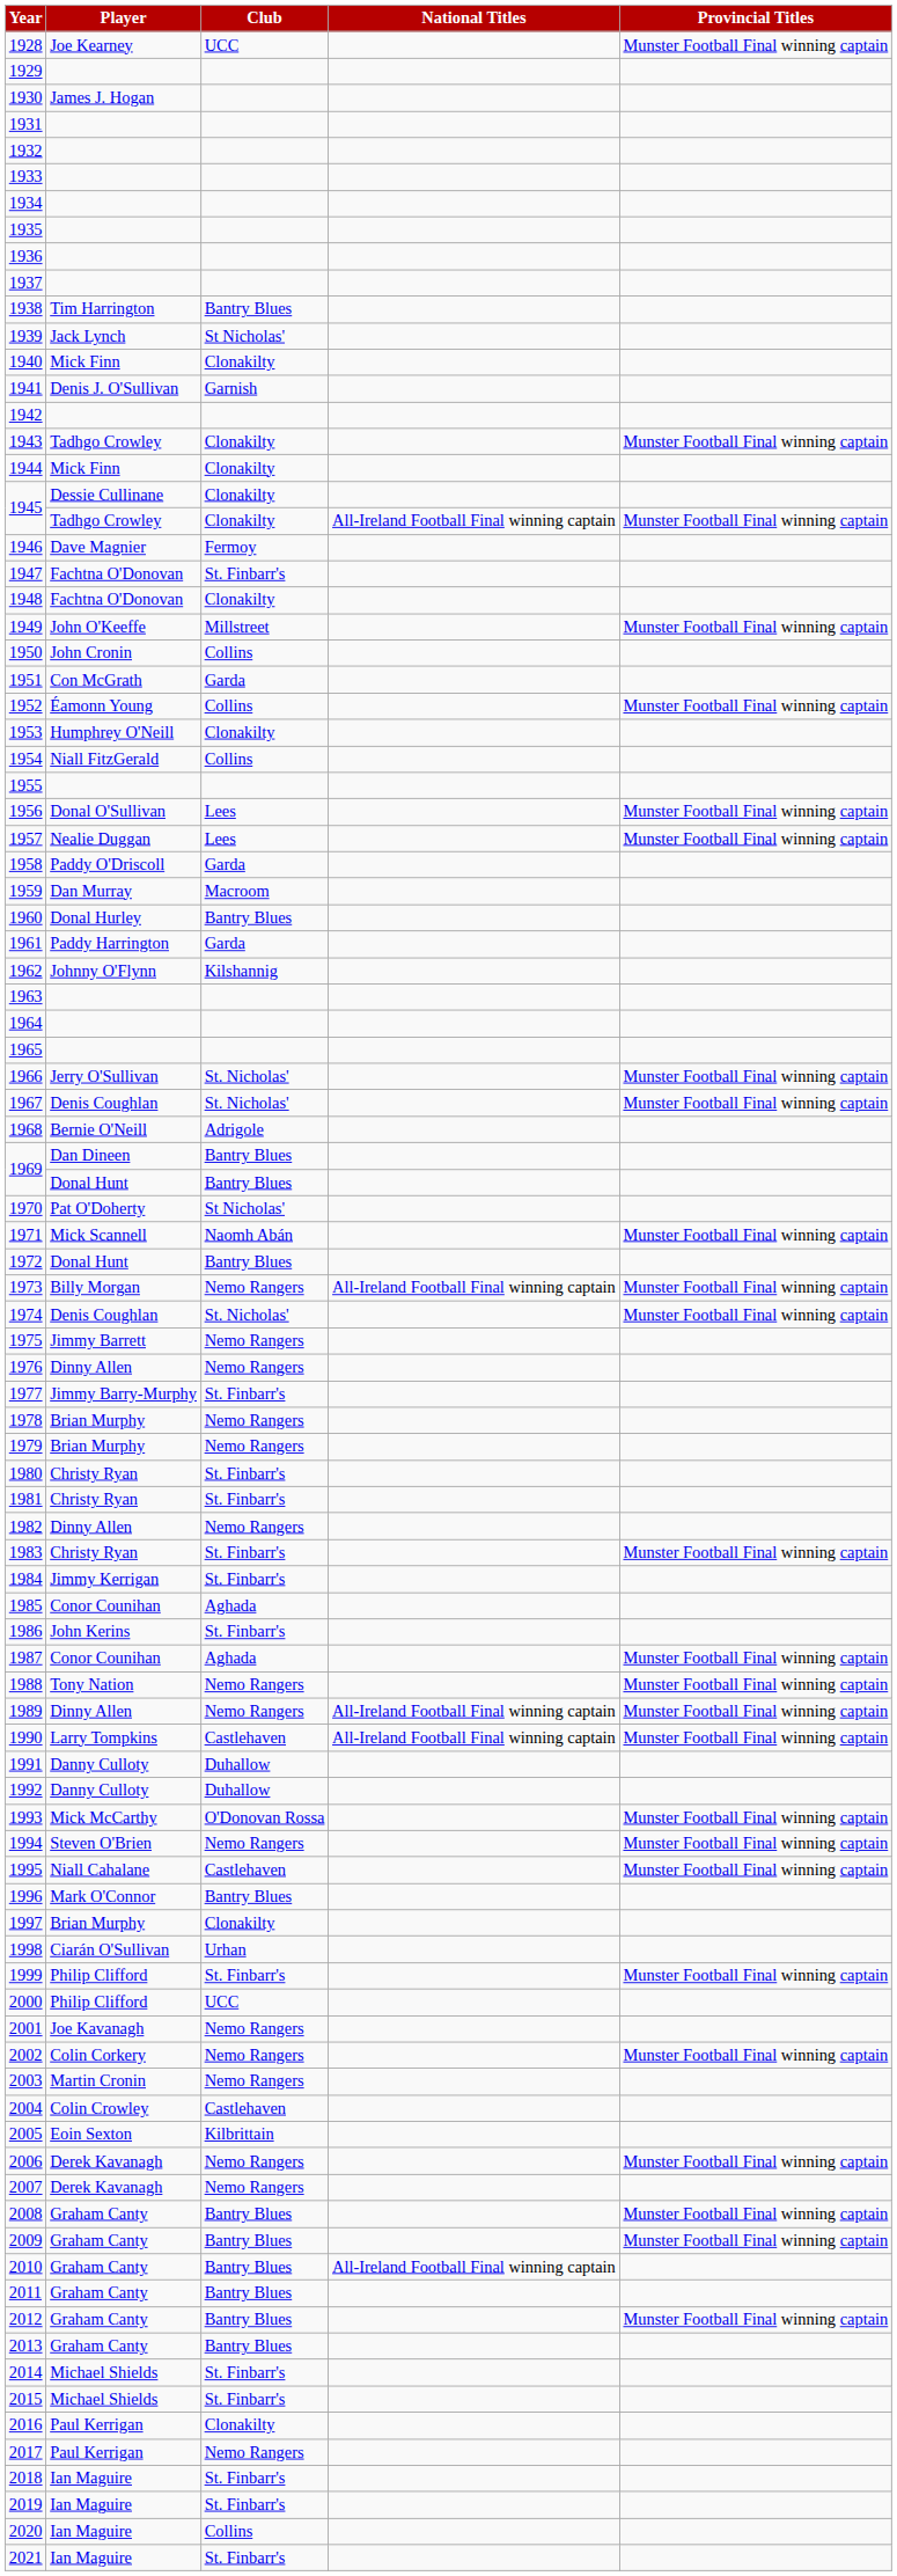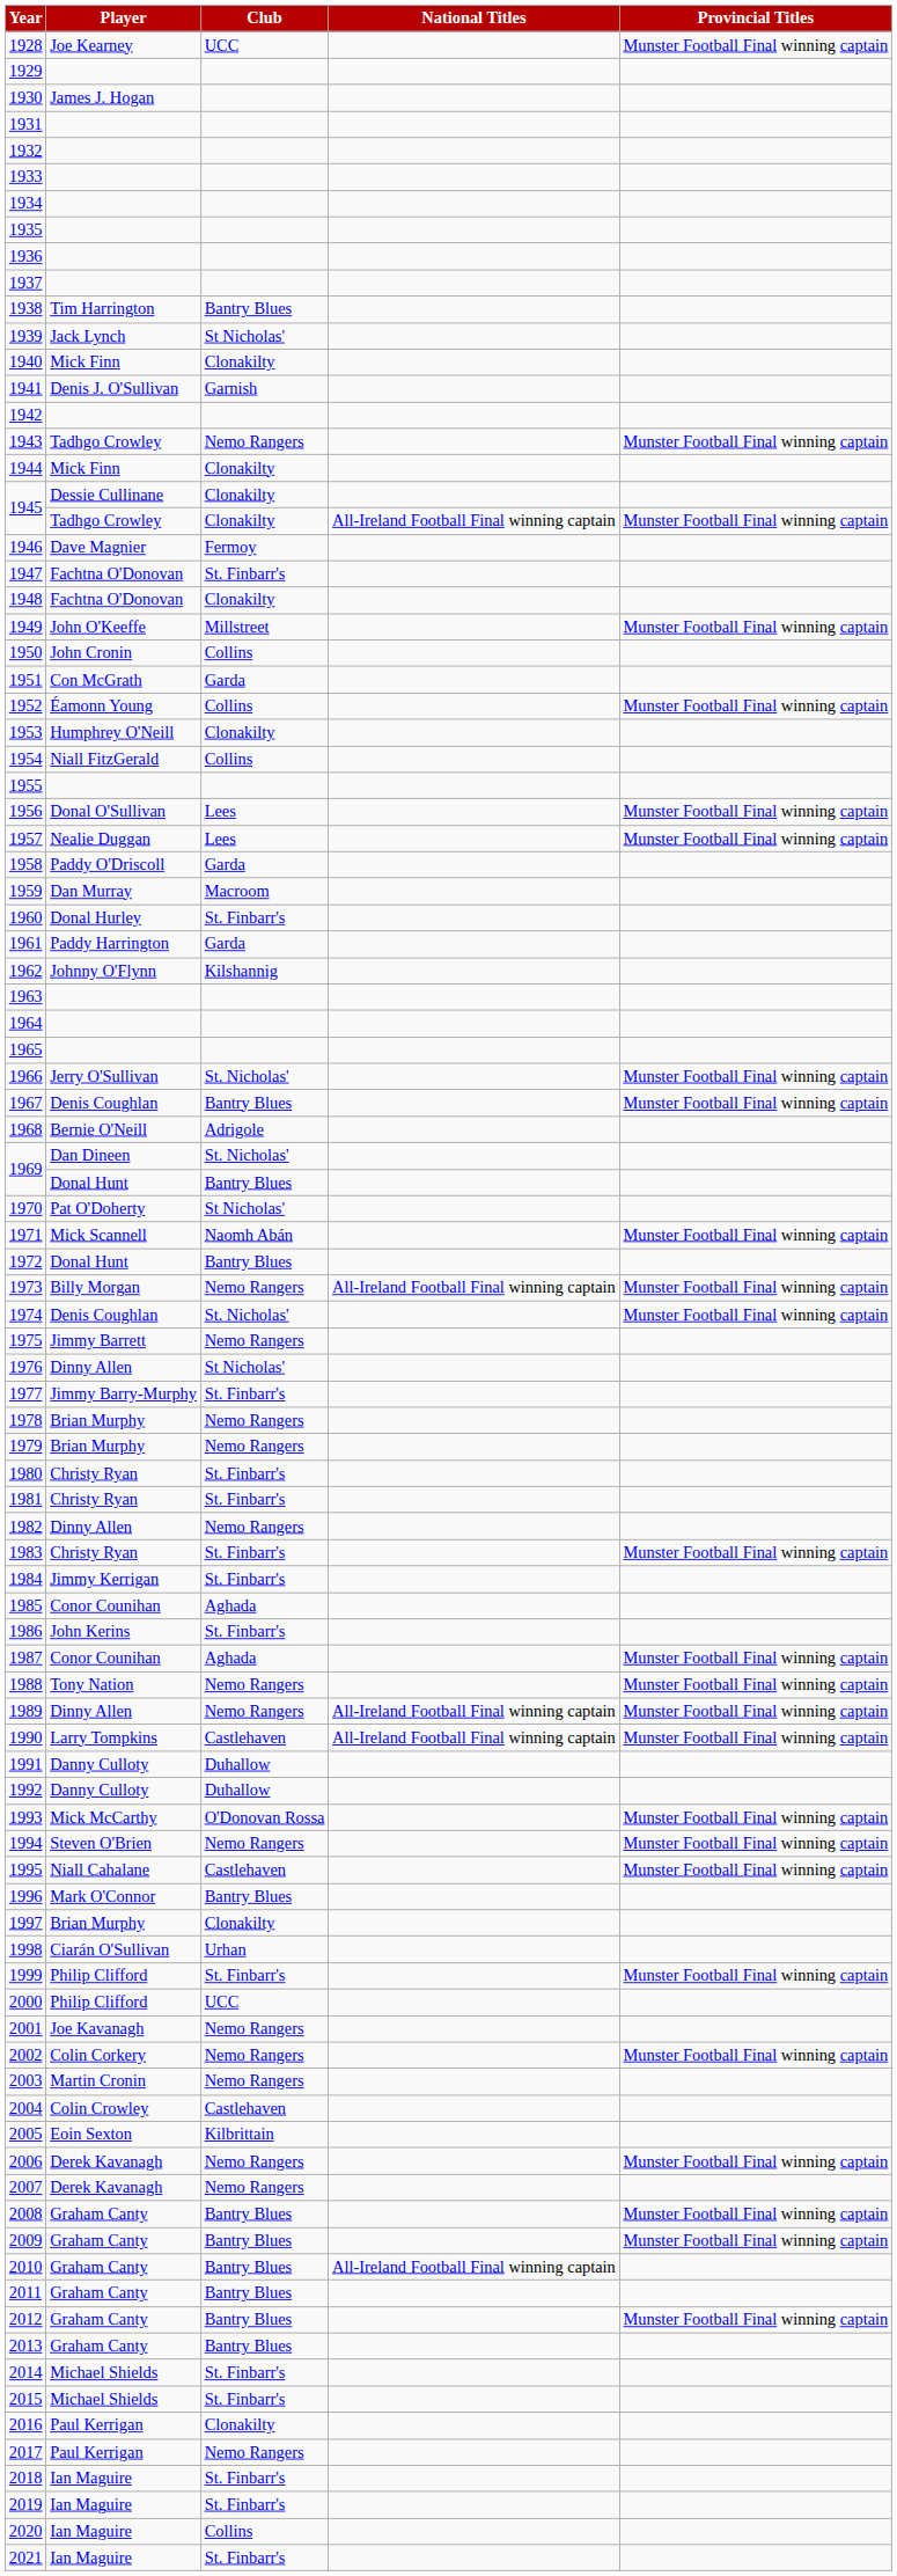 <table class="wikitable">
 <tr style="text-align:center;background:#B60000;color:white">
 <td><strong>Year</strong></td>
 <td><strong>Player</strong></td>
 <td><strong>Club</strong></td>
 <td><strong>National Titles</strong></td>
 <td><strong>Provincial Titles</strong></td>
 </tr>
 <tr>
 <td><a href='#'>1928</a></td>
 <td style="text-align:left;"><a href='#'>Joe Kearney</a></td>
 <td><a href='#'>UCC</a></td>
 <td></td>
 <td><a href='#'>Munster Football Final</a> winning <a href='#'>captain</a></td>
 </tr>
 <tr>
 <td><a href='#'>1929</a></td>
 <td style="text-align:left;"></td>
 <td></td>
 <td></td>
 <td></td>
 </tr>
 <tr>
 <td><a href='#'>1930</a></td>
 <td style="text-align:left;"><a href='#'>James J. Hogan</a></td>
 <td></td>
 <td></td>
 <td></td>
 </tr>
 <tr>
 <td><a href='#'>1931</a></td>
 <td style="text-align:left;"></td>
 <td></td>
 <td></td>
 <td></td>
 </tr>
 <tr>
 <td><a href='#'>1932</a></td>
 <td style="text-align:left;"></td>
 <td></td>
 <td></td>
 <td></td>
 </tr>
 <tr>
 <td><a href='#'>1933</a></td>
 <td style="text-align:left;"></td>
 <td></td>
 <td></td>
 <td></td>
 </tr>
 <tr>
 <td><a href='#'>1934</a></td>
 <td style="text-align:left;"></td>
 <td></td>
 <td></td>
 <td></td>
 </tr>
 <tr>
 <td><a href='#'>1935</a></td>
 <td style="text-align:left;"></td>
 <td></td>
 <td></td>
 <td></td>
 </tr>
 <tr>
 <td><a href='#'>1936</a></td>
 <td style="text-align:left;"></td>
 <td></td>
 <td></td>
 <td></td>
 </tr>
 <tr>
 <td><a href='#'>1937</a></td>
 <td style="text-align:left;"></td>
 <td></td>
 <td></td>
 <td></td>
 </tr>
 <tr>
 <td><a href='#'>1938</a></td>
 <td style="text-align:left;"><a href='#'>Tim Harrington</a></td>
 <td><a href='#'>Bantry Blues</a></td>
 <td></td>
 <td></td>
 </tr>
 <tr>
 <td><a href='#'>1939</a></td>
 <td style="text-align:left;"><a href='#'>Jack Lynch</a></td>
 <td><a href='#'>St Nicholas'</a></td>
 <td></td>
 <td></td>
 </tr>
 <tr>
 <td><a href='#'>1940</a></td>
 <td style="text-align:left;"><a href='#'>Mick Finn</a></td>
 <td><a href='#'>Clonakilty</a></td>
 <td></td>
 <td></td>
 </tr>
 <tr>
 <td><a href='#'>1941</a></td>
 <td style="text-align:left;"><a href='#'>Denis J. O'Sullivan</a></td>
 <td><a href='#'>Garnish</a></td>
 <td></td>
 <td></td>
 </tr>
 <tr>
 <td><a href='#'>1942</a></td>
 <td style="text-align:left;"></td>
 <td></td>
 <td></td>
 <td></td>
 </tr>
 <tr>
 <td><a href='#'>1943</a></td>
 <td style="text-align:left;"><a href='#'>Tadhgo Crowley</a></td>
-<td><a href='#'>Clonakilty</a></td>
+<td><a href='#'>Nemo Rangers</a></td>
 <td></td>
 <td><a href='#'>Munster Football Final</a> winning <a href='#'>captain</a></td>
 </tr>
 <tr>
 <td><a href='#'>1944</a></td>
 <td style="text-align:left;"><a href='#'>Mick Finn</a></td>
 <td><a href='#'>Clonakilty</a></td>
 <td></td>
 <td></td>
 </tr>
 <tr>
 <td rowspan=2><a href='#'>1945</a></td>
 <td style="text-align:left;"><a href='#'>Dessie Cullinane</a></td>
 <td><a href='#'>Clonakilty</a></td>
 <td></td>
 <td></td>
 </tr>
 <tr>
 <td style="text-align:left;"><a href='#'>Tadhgo Crowley</a></td>
 <td><a href='#'>Clonakilty</a></td>
 <td><a href='#'>All-Ireland Football Final</a> winning captain</td>
 <td><a href='#'>Munster Football Final</a> winning <a href='#'>captain</a></td>
 </tr>
 <tr>
 <td><a href='#'>1946</a></td>
 <td style="text-align:left;"><a href='#'>Dave Magnier</a></td>
 <td><a href='#'>Fermoy</a></td>
 <td></td>
 <td></td>
 </tr>
 <tr>
 <td><a href='#'>1947</a></td>
 <td style="text-align:left;"><a href='#'>Fachtna O'Donovan</a></td>
 <td><a href='#'>St. Finbarr's</a></td>
 <td></td>
 <td></td>
 </tr>
 <tr>
 <td><a href='#'>1948</a></td>
 <td style="text-align:left;"><a href='#'>Fachtna O'Donovan</a></td>
 <td><a href='#'>Clonakilty</a></td>
 <td></td>
 <td></td>
 </tr>
 <tr>
 <td><a href='#'>1949</a></td>
 <td style="text-align:left;"><a href='#'>John O'Keeffe</a></td>
 <td><a href='#'>Millstreet</a></td>
 <td></td>
 <td><a href='#'>Munster Football Final</a> winning <a href='#'>captain</a></td>
 </tr>
 <tr>
 <td><a href='#'>1950</a></td>
 <td style="text-align:left;"><a href='#'>John Cronin</a></td>
 <td><a href='#'>Collins</a></td>
 <td></td>
 <td></td>
 </tr>
 <tr>
 <td><a href='#'>1951</a></td>
 <td style="text-align:left;"><a href='#'>Con McGrath</a></td>
 <td><a href='#'>Garda</a></td>
 <td></td>
 <td></td>
 </tr>
 <tr>
 <td><a href='#'>1952</a></td>
 <td style="text-align:left;"><a href='#'>Éamonn Young</a></td>
 <td><a href='#'>Collins</a></td>
 <td></td>
 <td><a href='#'>Munster Football Final</a> winning <a href='#'>captain</a></td>
 </tr>
 <tr>
 <td><a href='#'>1953</a></td>
 <td style="text-align:left;"><a href='#'>Humphrey O'Neill</a></td>
 <td><a href='#'>Clonakilty</a></td>
 <td></td>
 <td></td>
 </tr>
 <tr>
 <td><a href='#'>1954</a></td>
 <td style="text-align:left;"><a href='#'>Niall FitzGerald</a></td>
 <td><a href='#'>Collins</a></td>
 <td></td>
 <td></td>
 </tr>
 <tr>
 <td><a href='#'>1955</a></td>
 <td style="text-align:left;"></td>
 <td></td>
 <td></td>
 <td></td>
 </tr>
 <tr>
 <td><a href='#'>1956</a></td>
 <td style="text-align:left;"><a href='#'>Donal O'Sullivan</a></td>
 <td><a href='#'>Lees</a></td>
 <td></td>
 <td><a href='#'>Munster Football Final</a> winning <a href='#'>captain</a></td>
 </tr>
 <tr>
 <td><a href='#'>1957</a></td>
 <td style="text-align:left;"><a href='#'>Nealie Duggan</a></td>
 <td><a href='#'>Lees</a></td>
 <td></td>
 <td><a href='#'>Munster Football Final</a> winning <a href='#'>captain</a></td>
 </tr>
 <tr>
 <td><a href='#'>1958</a></td>
 <td style="text-align:left;"><a href='#'>Paddy O'Driscoll</a></td>
 <td><a href='#'>Garda</a></td>
 <td></td>
 <td></td>
 </tr>
 <tr>
 <td><a href='#'>1959</a></td>
 <td style="text-align:left;"><a href='#'>Dan Murray</a></td>
 <td><a href='#'>Macroom</a></td>
 <td></td>
 <td></td>
 </tr>
 <tr>
 <td><a href='#'>1960</a></td>
 <td style="text-align:left;"><a href='#'>Donal Hurley</a></td>
-<td><a href='#'>Bantry Blues</a></td>
+<td><a href='#'>St. Finbarr's</a></td>
 <td></td>
 <td></td>
 </tr>
 <tr>
 <td><a href='#'>1961</a></td>
 <td style="text-align:left;"><a href='#'>Paddy Harrington</a></td>
 <td><a href='#'>Garda</a></td>
 <td></td>
 <td></td>
 </tr>
 <tr>
 <td><a href='#'>1962</a></td>
 <td style="text-align:left;"><a href='#'>Johnny O'Flynn</a></td>
 <td><a href='#'>Kilshannig</a></td>
 <td></td>
 <td></td>
 </tr>
 <tr>
 <td><a href='#'>1963</a></td>
 <td style="text-align:left;"></td>
 <td></td>
 <td></td>
 <td></td>
 </tr>
 <tr>
 <td><a href='#'>1964</a></td>
 <td style="text-align:left;"></td>
 <td></td>
 <td></td>
 <td></td>
 </tr>
 <tr>
 <td><a href='#'>1965</a></td>
 <td style="text-align:left;"></td>
 <td></td>
 <td></td>
 <td></td>
 </tr>
 <tr>
 <td><a href='#'>1966</a></td>
 <td style="text-align:left;"><a href='#'>Jerry O'Sullivan</a></td>
 <td><a href='#'>St. Nicholas'</a></td>
 <td></td>
 <td><a href='#'>Munster Football Final</a> winning <a href='#'>captain</a></td>
 </tr>
 <tr>
 <td><a href='#'>1967</a></td>
 <td style="text-align:left;"><a href='#'>Denis Coughlan</a></td>
-<td><a href='#'>St. Nicholas'</a></td>
+<td><a href='#'>Bantry Blues</a></td>
 <td></td>
 <td><a href='#'>Munster Football Final</a> winning <a href='#'>captain</a></td>
 </tr>
 <tr>
 <td><a href='#'>1968</a></td>
 <td style="text-align:left;"><a href='#'>Bernie O'Neill</a></td>
 <td><a href='#'>Adrigole</a></td>
 <td></td>
 <td></td>
 </tr>
 <tr>
 <td rowspan=2><a href='#'>1969</a></td>
 <td style="text-align:left;"><a href='#'>Dan Dineen</a></td>
-<td><a href='#'>Bantry Blues</a></td>
+<td><a href='#'>St. Nicholas'</a></td>
 <td></td>
 <td></td>
 </tr>
 <tr>
 <td style="text-align:left;"><a href='#'>Donal Hunt</a></td>
 <td><a href='#'>Bantry Blues</a></td>
 <td></td>
 <td></td>
 </tr>
 <tr>
 <td><a href='#'>1970</a></td>
 <td style="text-align:left;"><a href='#'>Pat O'Doherty</a></td>
 <td><a href='#'>St Nicholas'</a></td>
 <td></td>
 <td></td>
 </tr>
 <tr>
 <td><a href='#'>1971</a></td>
 <td style="text-align:left;"><a href='#'>Mick Scannell</a></td>
 <td><a href='#'>Naomh Abán</a></td>
 <td></td>
 <td><a href='#'>Munster Football Final</a> winning <a href='#'>captain</a></td>
 </tr>
 <tr>
 <td><a href='#'>1972</a></td>
 <td style="text-align:left;"><a href='#'>Donal Hunt</a></td>
 <td><a href='#'>Bantry Blues</a></td>
 <td></td>
 <td></td>
 </tr>
 <tr>
 <td><a href='#'>1973</a></td>
 <td style="text-align:left;"><a href='#'>Billy Morgan</a></td>
 <td><a href='#'>Nemo Rangers</a></td>
 <td><a href='#'>All-Ireland Football Final</a> winning captain</td>
 <td><a href='#'>Munster Football Final</a> winning <a href='#'>captain</a></td>
 </tr>
 <tr>
 <td><a href='#'>1974</a></td>
 <td style="text-align:left;"><a href='#'>Denis Coughlan</a></td>
 <td><a href='#'>St. Nicholas'</a></td>
 <td></td>
 <td><a href='#'>Munster Football Final</a> winning <a href='#'>captain</a></td>
 </tr>
 <tr>
 <td><a href='#'>1975</a></td>
 <td style="text-align:left;"><a href='#'>Jimmy Barrett</a></td>
 <td><a href='#'>Nemo Rangers</a></td>
 <td></td>
 <td></td>
 </tr>
 <tr>
 <td><a href='#'>1976</a></td>
 <td style="text-align:left;"><a href='#'>Dinny Allen</a></td>
-<td><a href='#'>Nemo Rangers</a></td>
+<td><a href='#'>St Nicholas'</a></td>
 <td></td>
 <td></td>
 </tr>
 <tr>
 <td><a href='#'>1977</a></td>
 <td style="text-align:left;"><a href='#'>Jimmy Barry-Murphy</a></td>
 <td><a href='#'>St. Finbarr's</a></td>
 <td></td>
 <td></td>
 </tr>
 <tr>
 <td><a href='#'>1978</a></td>
 <td style="text-align:left;"><a href='#'>Brian Murphy</a></td>
 <td><a href='#'>Nemo Rangers</a></td>
 <td></td>
 <td></td>
 </tr>
 <tr>
 <td><a href='#'>1979</a></td>
 <td style="text-align:left;"><a href='#'>Brian Murphy</a></td>
 <td><a href='#'>Nemo Rangers</a></td>
 <td></td>
 <td></td>
 </tr>
 <tr>
 <td><a href='#'>1980</a></td>
 <td style="text-align:left;"><a href='#'>Christy Ryan</a></td>
 <td><a href='#'>St. Finbarr's</a></td>
 <td></td>
 <td></td>
 </tr>
 <tr>
 <td><a href='#'>1981</a></td>
 <td style="text-align:left;"><a href='#'>Christy Ryan</a></td>
 <td><a href='#'>St. Finbarr's</a></td>
 <td></td>
 <td></td>
 </tr>
 <tr>
 <td><a href='#'>1982</a></td>
 <td style="text-align:left;"><a href='#'>Dinny Allen</a></td>
 <td><a href='#'>Nemo Rangers</a></td>
 <td></td>
 <td></td>
 </tr>
 <tr>
 <td><a href='#'>1983</a></td>
 <td style="text-align:left;"><a href='#'>Christy Ryan</a></td>
 <td><a href='#'>St. Finbarr's</a></td>
 <td></td>
 <td><a href='#'>Munster Football Final</a> winning <a href='#'>captain</a></td>
 </tr>
 <tr>
 <td><a href='#'>1984</a></td>
 <td style="text-align:left;"><a href='#'>Jimmy Kerrigan</a></td>
 <td><a href='#'>St. Finbarr's</a></td>
 <td></td>
 <td></td>
 </tr>
 <tr>
 <td><a href='#'>1985</a></td>
 <td style="text-align:left;"><a href='#'>Conor Counihan</a></td>
 <td><a href='#'>Aghada</a></td>
 <td></td>
 <td></td>
 </tr>
 <tr>
 <td><a href='#'>1986</a></td>
 <td style="text-align:left;"><a href='#'>John Kerins</a></td>
 <td><a href='#'>St. Finbarr's</a></td>
 <td></td>
 <td></td>
 </tr>
 <tr>
 <td><a href='#'>1987</a></td>
 <td style="text-align:left;"><a href='#'>Conor Counihan</a></td>
 <td><a href='#'>Aghada</a></td>
 <td></td>
 <td><a href='#'>Munster Football Final</a> winning <a href='#'>captain</a></td>
 </tr>
 <tr>
 <td><a href='#'>1988</a></td>
 <td style="text-align:left;"><a href='#'>Tony Nation</a></td>
 <td><a href='#'>Nemo Rangers</a></td>
 <td></td>
 <td><a href='#'>Munster Football Final</a> winning <a href='#'>captain</a></td>
 </tr>
 <tr>
 <td><a href='#'>1989</a></td>
 <td style="text-align:left;"><a href='#'>Dinny Allen</a></td>
 <td><a href='#'>Nemo Rangers</a></td>
 <td><a href='#'>All-Ireland Football Final</a> winning captain</td>
 <td><a href='#'>Munster Football Final</a> winning <a href='#'>captain</a></td>
 </tr>
 <tr>
 <td><a href='#'>1990</a></td>
 <td style="text-align:left;"><a href='#'>Larry Tompkins</a></td>
 <td><a href='#'>Castlehaven</a></td>
 <td><a href='#'>All-Ireland Football Final</a> winning captain</td>
 <td><a href='#'>Munster Football Final</a> winning <a href='#'>captain</a></td>
 </tr>
 <tr>
 <td><a href='#'>1991</a></td>
 <td style="text-align:left;"><a href='#'>Danny Culloty</a></td>
 <td><a href='#'>Duhallow</a></td>
 <td></td>
 <td></td>
 </tr>
 <tr>
 <td><a href='#'>1992</a></td>
 <td style="text-align:left;"><a href='#'>Danny Culloty</a></td>
 <td><a href='#'>Duhallow</a></td>
 <td></td>
 <td></td>
 </tr>
 <tr>
 <td><a href='#'>1993</a></td>
 <td style="text-align:left;"><a href='#'>Mick McCarthy</a></td>
 <td><a href='#'>O'Donovan Rossa</a></td>
 <td></td>
 <td><a href='#'>Munster Football Final</a> winning <a href='#'>captain</a></td>
 </tr>
 <tr>
 <td><a href='#'>1994</a></td>
 <td style="text-align:left;"><a href='#'>Steven O'Brien</a></td>
 <td><a href='#'>Nemo Rangers</a></td>
 <td></td>
 <td><a href='#'>Munster Football Final</a> winning <a href='#'>captain</a></td>
 </tr>
 <tr>
 <td><a href='#'>1995</a></td>
 <td style="text-align:left;"><a href='#'>Niall Cahalane</a></td>
 <td><a href='#'>Castlehaven</a></td>
 <td></td>
 <td><a href='#'>Munster Football Final</a> winning <a href='#'>captain</a></td>
 </tr>
 <tr>
 <td><a href='#'>1996</a></td>
 <td style="text-align:left;"><a href='#'>Mark O'Connor</a></td>
 <td><a href='#'>Bantry Blues</a></td>
 <td></td>
 <td></td>
 </tr>
 <tr>
 <td><a href='#'>1997</a></td>
 <td style="text-align:left;"><a href='#'>Brian Murphy</a></td>
 <td><a href='#'>Clonakilty</a></td>
 <td></td>
 <td></td>
 </tr>
 <tr>
 <td><a href='#'>1998</a></td>
 <td style="text-align:left;"><a href='#'>Ciarán O'Sullivan</a></td>
 <td><a href='#'>Urhan</a></td>
 <td></td>
 <td></td>
 </tr>
 <tr>
 <td><a href='#'>1999</a></td>
 <td style="text-align:left;"><a href='#'>Philip Clifford</a></td>
 <td><a href='#'>St. Finbarr's</a></td>
 <td></td>
 <td><a href='#'>Munster Football Final</a> winning <a href='#'>captain</a></td>
 </tr>
 <tr>
 <td><a href='#'>2000</a></td>
 <td style="text-align:left;"><a href='#'>Philip Clifford</a></td>
 <td><a href='#'>UCC</a></td>
 <td></td>
 <td></td>
 </tr>
 <tr>
 <td><a href='#'>2001</a></td>
 <td style="text-align:left;"><a href='#'>Joe Kavanagh</a></td>
 <td><a href='#'>Nemo Rangers</a></td>
 <td></td>
 <td></td>
 </tr>
 <tr>
 <td><a href='#'>2002</a></td>
 <td style="text-align:left;"><a href='#'>Colin Corkery</a></td>
 <td><a href='#'>Nemo Rangers</a></td>
 <td></td>
 <td><a href='#'>Munster Football Final</a> winning <a href='#'>captain</a></td>
 </tr>
 <tr>
 <td><a href='#'>2003</a></td>
 <td style="text-align:left;"><a href='#'>Martin Cronin</a></td>
 <td><a href='#'>Nemo Rangers</a></td>
 <td></td>
 <td></td>
 </tr>
 <tr>
 <td><a href='#'>2004</a></td>
 <td style="text-align:left;"><a href='#'>Colin Crowley</a></td>
 <td><a href='#'>Castlehaven</a></td>
 <td></td>
 <td></td>
 </tr>
 <tr>
 <td><a href='#'>2005</a></td>
 <td style="text-align:left;"><a href='#'>Eoin Sexton</a></td>
 <td><a href='#'>Kilbrittain</a></td>
 <td></td>
 <td></td>
 </tr>
 <tr>
 <td><a href='#'>2006</a></td>
 <td style="text-align:left;"><a href='#'>Derek Kavanagh</a></td>
 <td><a href='#'>Nemo Rangers</a></td>
 <td></td>
 <td><a href='#'>Munster Football Final</a> winning <a href='#'>captain</a></td>
 </tr>
 <tr>
 <td><a href='#'>2007</a></td>
 <td style="text-align:left;"><a href='#'>Derek Kavanagh</a></td>
 <td><a href='#'>Nemo Rangers</a></td>
 <td></td>
 <td></td>
 </tr>
 <tr>
 <td><a href='#'>2008</a></td>
 <td style="text-align:left;"><a href='#'>Graham Canty</a></td>
 <td><a href='#'>Bantry Blues</a></td>
 <td></td>
 <td><a href='#'>Munster Football Final</a> winning <a href='#'>captain</a></td>
 </tr>
 <tr>
 <td><a href='#'>2009</a></td>
 <td style="text-align:left;"><a href='#'>Graham Canty</a></td>
 <td><a href='#'>Bantry Blues</a></td>
 <td></td>
 <td><a href='#'>Munster Football Final</a> winning <a href='#'>captain</a></td>
 </tr>
 <tr>
 <td><a href='#'>2010</a></td>
 <td style="text-align:left;"><a href='#'>Graham Canty</a></td>
 <td><a href='#'>Bantry Blues</a></td>
 <td><a href='#'>All-Ireland Football Final</a> winning captain</td>
 <td></td>
 </tr>
 <tr>
 <td><a href='#'>2011</a></td>
 <td style="text-align:left;"><a href='#'>Graham Canty</a></td>
 <td><a href='#'>Bantry Blues</a></td>
 <td></td>
 <td></td>
 </tr>
 <tr>
 <td><a href='#'>2012</a></td>
 <td style="text-align:left;"><a href='#'>Graham Canty</a></td>
 <td><a href='#'>Bantry Blues</a></td>
 <td></td>
 <td><a href='#'>Munster Football Final</a> winning <a href='#'>captain</a></td>
 </tr>
 <tr>
 <td><a href='#'>2013</a></td>
 <td style="text-align:left;"><a href='#'>Graham Canty</a></td>
 <td><a href='#'>Bantry Blues</a></td>
 <td></td>
 <td></td>
 </tr>
 <tr>
 <td><a href='#'>2014</a></td>
 <td><a href='#'>Michael Shields</a></td>
 <td><a href='#'>St. Finbarr's</a></td>
 <td></td>
 <td></td>
 </tr>
 <tr>
 <td><a href='#'>2015</a></td>
 <td><a href='#'>Michael Shields</a></td>
 <td><a href='#'>St. Finbarr's</a></td>
 <td></td>
 <td></td>
 </tr>
 <tr>
 <td><a href='#'>2016</a></td>
 <td><a href='#'>Paul Kerrigan</a></td>
 <td><a href='#'>Clonakilty</a></td>
 <td></td>
 <td></td>
 </tr>
 <tr>
 <td><a href='#'>2017</a></td>
 <td><a href='#'>Paul Kerrigan</a></td>
 <td><a href='#'>Nemo Rangers</a></td>
 <td></td>
 <td></td>
 </tr>
 <tr>
 <td><a href='#'>2018</a></td>
 <td><a href='#'>Ian Maguire</a></td>
 <td><a href='#'>St. Finbarr's</a></td>
 <td></td>
 <td></td>
 </tr>
 <tr>
 <td><a href='#'>2019</a></td>
 <td><a href='#'>Ian Maguire</a></td>
 <td><a href='#'>St. Finbarr's</a></td>
 <td></td>
 <td></td>
 </tr>
 <tr>
 <td><a href='#'>2020</a></td>
 <td><a href='#'>Ian Maguire</a></td>
 <td><a href='#'>Collins</a></td>
 <td></td>
 <td></td>
 </tr>
 <tr>
 <td><a href='#'>2021</a></td>
 <td><a href='#'>Ian Maguire</a></td>
 <td><a href='#'>St. Finbarr's</a></td>
 <td></td>
 <td></td>
 </tr>
 </table>
